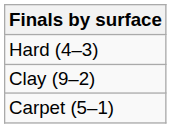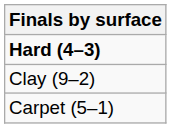 <table class=wikitable style=font-size:90%>
 <tr>
 <th>Finals by surface</th>
 </tr>
 <tr>
-<td>Hard (4–3)</td>
+<td><strong>Hard (4–3)</strong></td>
 </tr>
 <tr>
 <td>Clay (9–2)</td>
 </tr>
 <tr>
 <td>Carpet (5–1)</td>
 </tr>
 </table>
